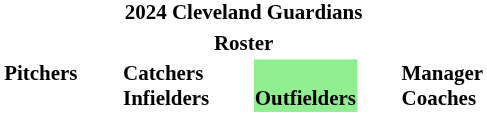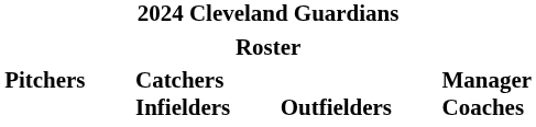 <table class="toccolours" style="font-size: 95%;">
 <tr>
 <th colspan="10">2024 Cleveland Guardians</th>
 </tr>
 <tr>
 <th colspan="10">Roster</th>
 </tr>
 <tr>
 <td valign="top"><strong>Pitchers</strong><br>                            </td>
 <td style="width:25px;"></td>
 <td valign="top"><strong>Catchers</strong><br>   <strong>Infielders</strong>        </td>
 <td style="width:25px;"></td>
-<td valign="top" style="background: lightgreen;"><br><strong>Outfielders</strong>          </td>
+<td valign="top"><br><strong>Outfielders</strong>          </td>
 <td style="width:25px;"></td>
 <td valign="top"><strong>Manager</strong><br> <strong>Coaches</strong>                            </td>
 </tr>
 </table>
